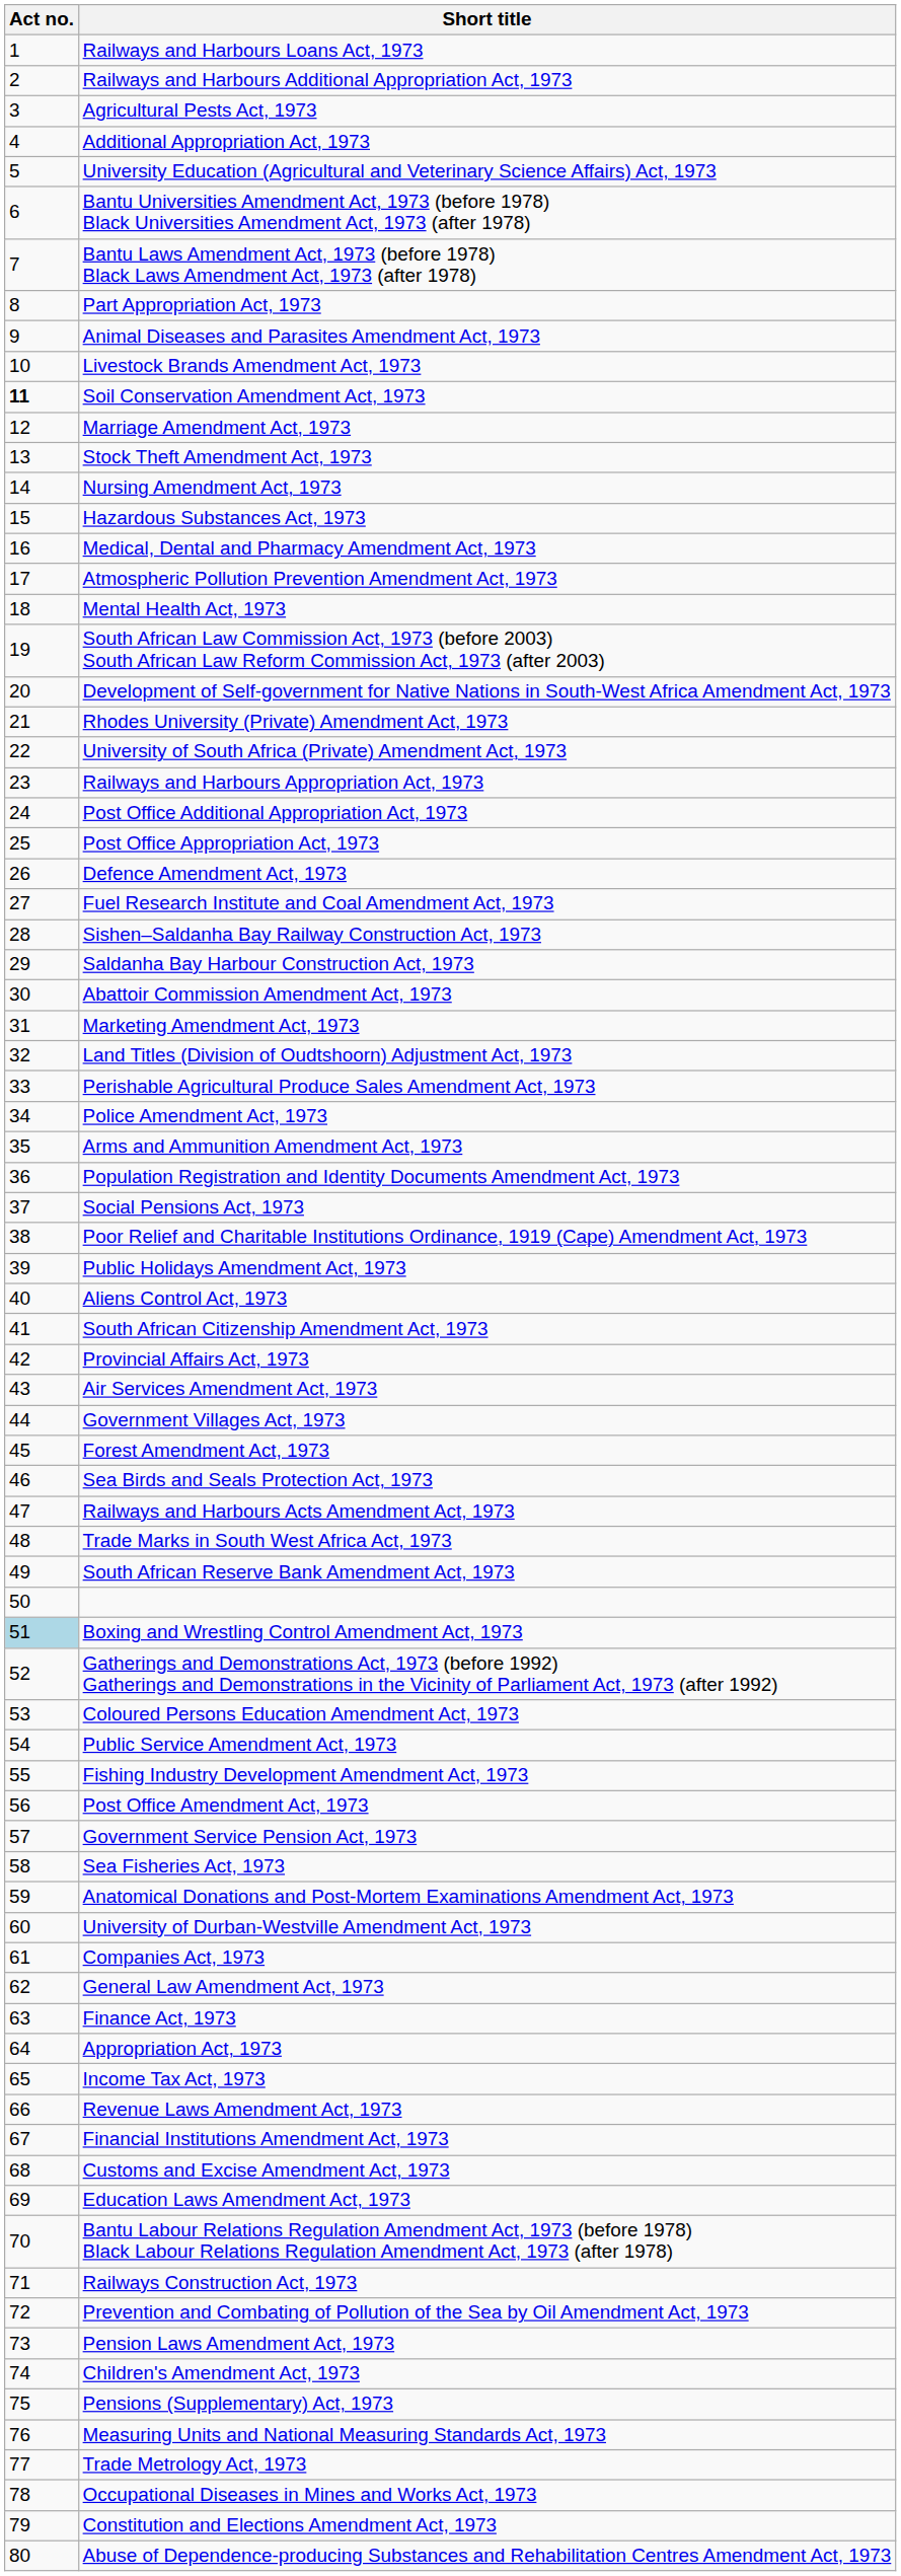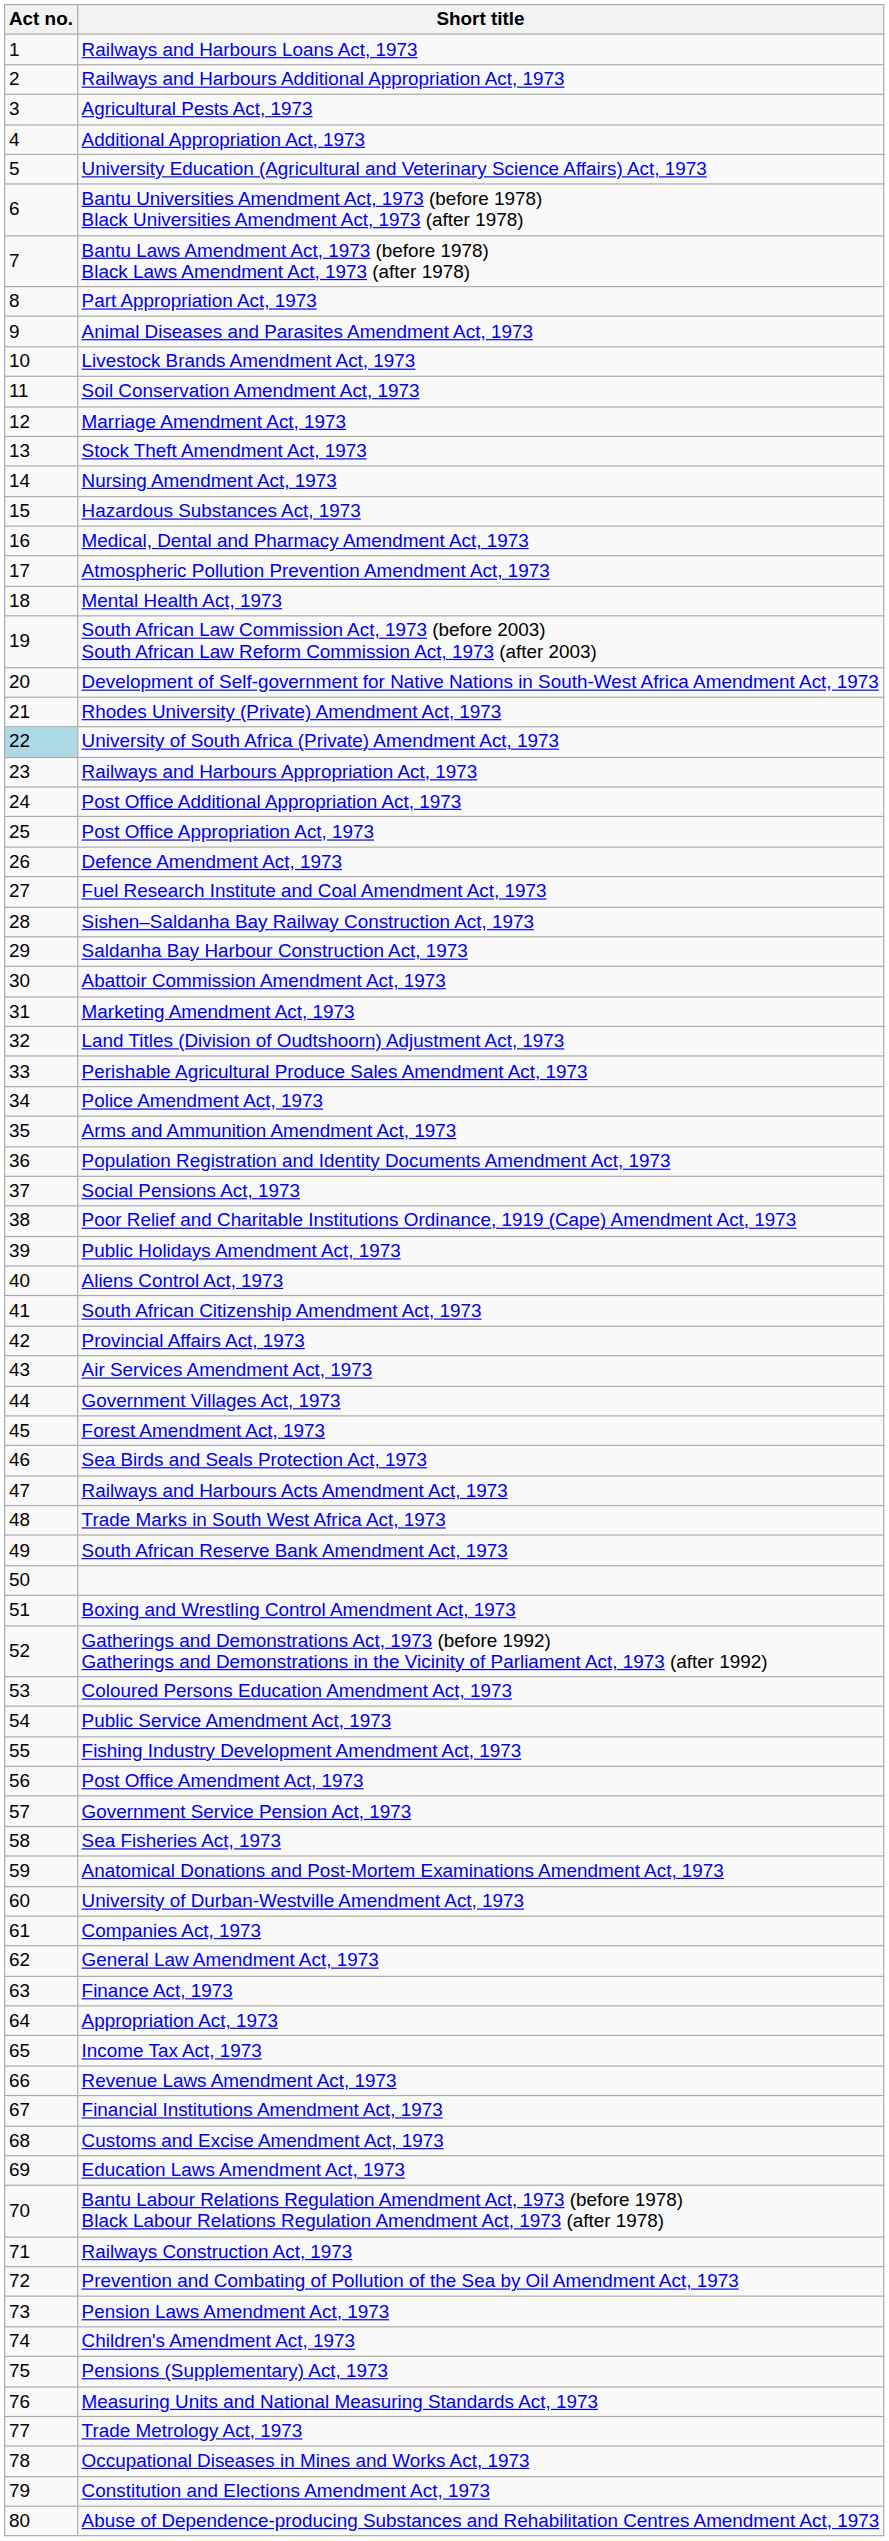 <table class="wikitable sortable">
 <tr>
 <th>Act no.</th>
 <th>Short title</th>
 </tr>
 <tr>
 <td>1</td>
 <td><a href='#'>Railways and Harbours Loans Act, 1973</a></td>
 </tr>
 <tr>
 <td>2</td>
 <td><a href='#'>Railways and Harbours Additional Appropriation Act, 1973</a></td>
 </tr>
 <tr>
 <td>3</td>
 <td><a href='#'>Agricultural Pests Act, 1973</a></td>
 </tr>
 <tr>
 <td>4</td>
 <td><a href='#'>Additional Appropriation Act, 1973</a></td>
 </tr>
 <tr>
 <td>5</td>
 <td><a href='#'>University Education (Agricultural and Veterinary Science Affairs) Act, 1973</a></td>
 </tr>
 <tr>
 <td>6</td>
 <td><a href='#'>Bantu Universities Amendment Act, 1973</a> (before 1978) <br><a href='#'>Black Universities Amendment Act, 1973</a> (after 1978)</td>
 </tr>
 <tr>
 <td>7</td>
 <td><a href='#'>Bantu Laws Amendment Act, 1973</a> (before 1978) <br><a href='#'>Black Laws Amendment Act, 1973</a> (after 1978)</td>
 </tr>
 <tr>
 <td>8</td>
 <td><a href='#'>Part Appropriation Act, 1973</a></td>
 </tr>
 <tr>
 <td>9</td>
 <td><a href='#'>Animal Diseases and Parasites Amendment Act, 1973</a></td>
 </tr>
 <tr>
 <td>10</td>
 <td><a href='#'>Livestock Brands Amendment Act, 1973</a></td>
 </tr>
 <tr>
-<td><strong>11</strong></td>
+<td>11</td>
 <td><a href='#'>Soil Conservation Amendment Act, 1973</a></td>
 </tr>
 <tr>
 <td>12</td>
 <td><a href='#'>Marriage Amendment Act, 1973</a></td>
 </tr>
 <tr>
 <td>13</td>
 <td><a href='#'>Stock Theft Amendment Act, 1973</a></td>
 </tr>
 <tr>
 <td>14</td>
 <td><a href='#'>Nursing Amendment Act, 1973</a></td>
 </tr>
 <tr>
 <td>15</td>
 <td><a href='#'>Hazardous Substances Act, 1973</a></td>
 </tr>
 <tr>
 <td>16</td>
 <td><a href='#'>Medical, Dental and Pharmacy Amendment Act, 1973</a></td>
 </tr>
 <tr>
 <td>17</td>
 <td><a href='#'>Atmospheric Pollution Prevention Amendment Act, 1973</a></td>
 </tr>
 <tr>
 <td>18</td>
 <td><a href='#'>Mental Health Act, 1973</a></td>
 </tr>
 <tr>
 <td>19</td>
 <td><a href='#'>South African Law Commission Act, 1973</a> (before 2003) <br><a href='#'>South African Law Reform Commission Act, 1973</a> (after 2003)</td>
 </tr>
 <tr>
 <td>20</td>
 <td><a href='#'>Development of Self-government for Native Nations in South-West Africa Amendment Act, 1973</a></td>
 </tr>
 <tr>
 <td>21</td>
 <td><a href='#'>Rhodes University (Private) Amendment Act, 1973</a></td>
 </tr>
 <tr>
-<td>22</td>
+<td style="background: lightblue;">22</td>
 <td><a href='#'>University of South Africa (Private) Amendment Act, 1973</a></td>
 </tr>
 <tr>
 <td>23</td>
 <td><a href='#'>Railways and Harbours Appropriation Act, 1973</a></td>
 </tr>
 <tr>
 <td>24</td>
 <td><a href='#'>Post Office Additional Appropriation Act, 1973</a></td>
 </tr>
 <tr>
 <td>25</td>
 <td><a href='#'>Post Office Appropriation Act, 1973</a></td>
 </tr>
 <tr>
 <td>26</td>
 <td><a href='#'>Defence Amendment Act, 1973</a></td>
 </tr>
 <tr>
 <td>27</td>
 <td><a href='#'>Fuel Research Institute and Coal Amendment Act, 1973</a></td>
 </tr>
 <tr>
 <td>28</td>
 <td><a href='#'>Sishen–Saldanha Bay Railway Construction Act, 1973</a></td>
 </tr>
 <tr>
 <td>29</td>
 <td><a href='#'>Saldanha Bay Harbour Construction Act, 1973</a></td>
 </tr>
 <tr>
 <td>30</td>
 <td><a href='#'>Abattoir Commission Amendment Act, 1973</a></td>
 </tr>
 <tr>
 <td>31</td>
 <td><a href='#'>Marketing Amendment Act, 1973</a></td>
 </tr>
 <tr>
 <td>32</td>
 <td><a href='#'>Land Titles (Division of Oudtshoorn) Adjustment Act, 1973</a></td>
 </tr>
 <tr>
 <td>33</td>
 <td><a href='#'>Perishable Agricultural Produce Sales Amendment Act, 1973</a></td>
 </tr>
 <tr>
 <td>34</td>
 <td><a href='#'>Police Amendment Act, 1973</a></td>
 </tr>
 <tr>
 <td>35</td>
 <td><a href='#'>Arms and Ammunition Amendment Act, 1973</a></td>
 </tr>
 <tr>
 <td>36</td>
 <td><a href='#'>Population Registration and Identity Documents Amendment Act, 1973</a></td>
 </tr>
 <tr>
 <td>37</td>
 <td><a href='#'>Social Pensions Act, 1973</a></td>
 </tr>
 <tr>
 <td>38</td>
 <td><a href='#'>Poor Relief and Charitable Institutions Ordinance, 1919 (Cape) Amendment Act, 1973</a></td>
 </tr>
 <tr>
 <td>39</td>
 <td><a href='#'>Public Holidays Amendment Act, 1973</a></td>
 </tr>
 <tr>
 <td>40</td>
 <td><a href='#'>Aliens Control Act, 1973</a></td>
 </tr>
 <tr>
 <td>41</td>
 <td><a href='#'>South African Citizenship Amendment Act, 1973</a></td>
 </tr>
 <tr>
 <td>42</td>
 <td><a href='#'>Provincial Affairs Act, 1973</a></td>
 </tr>
 <tr>
 <td>43</td>
 <td><a href='#'>Air Services Amendment Act, 1973</a></td>
 </tr>
 <tr>
 <td>44</td>
 <td><a href='#'>Government Villages Act, 1973</a></td>
 </tr>
 <tr>
 <td>45</td>
 <td><a href='#'>Forest Amendment Act, 1973</a></td>
 </tr>
 <tr>
 <td>46</td>
 <td><a href='#'>Sea Birds and Seals Protection Act, 1973</a></td>
 </tr>
 <tr>
 <td>47</td>
 <td><a href='#'>Railways and Harbours Acts Amendment Act, 1973</a></td>
 </tr>
 <tr>
 <td>48</td>
 <td><a href='#'>Trade Marks in South West Africa Act, 1973</a></td>
 </tr>
 <tr>
 <td>49</td>
 <td><a href='#'>South African Reserve Bank Amendment Act, 1973</a></td>
 </tr>
 <tr>
 <td>50</td>
 <td></td>
 </tr>
 <tr>
-<td style="background: lightblue;">51</td>
+<td>51</td>
 <td><a href='#'>Boxing and Wrestling Control Amendment Act, 1973</a></td>
 </tr>
 <tr>
 <td>52</td>
 <td><a href='#'>Gatherings and Demonstrations Act, 1973</a> (before 1992) <br><a href='#'>Gatherings and Demonstrations in the Vicinity of Parliament Act, 1973</a> (after 1992)</td>
 </tr>
 <tr>
 <td>53</td>
 <td><a href='#'>Coloured Persons Education Amendment Act, 1973</a></td>
 </tr>
 <tr>
 <td>54</td>
 <td><a href='#'>Public Service Amendment Act, 1973</a></td>
 </tr>
 <tr>
 <td>55</td>
 <td><a href='#'>Fishing Industry Development Amendment Act, 1973</a></td>
 </tr>
 <tr>
 <td>56</td>
 <td><a href='#'>Post Office Amendment Act, 1973</a></td>
 </tr>
 <tr>
 <td>57</td>
 <td><a href='#'>Government Service Pension Act, 1973</a></td>
 </tr>
 <tr>
 <td>58</td>
 <td><a href='#'>Sea Fisheries Act, 1973</a></td>
 </tr>
 <tr>
 <td>59</td>
 <td><a href='#'>Anatomical Donations and Post-Mortem Examinations Amendment Act, 1973</a></td>
 </tr>
 <tr>
 <td>60</td>
 <td><a href='#'>University of Durban-Westville Amendment Act, 1973</a></td>
 </tr>
 <tr>
 <td>61</td>
 <td><a href='#'>Companies Act, 1973</a></td>
 </tr>
 <tr>
 <td>62</td>
 <td><a href='#'>General Law Amendment Act, 1973</a></td>
 </tr>
 <tr>
 <td>63</td>
 <td><a href='#'>Finance Act, 1973</a></td>
 </tr>
 <tr>
 <td>64</td>
 <td><a href='#'>Appropriation Act, 1973</a></td>
 </tr>
 <tr>
 <td>65</td>
 <td><a href='#'>Income Tax Act, 1973</a></td>
 </tr>
 <tr>
 <td>66</td>
 <td><a href='#'>Revenue Laws Amendment Act, 1973</a></td>
 </tr>
 <tr>
 <td>67</td>
 <td><a href='#'>Financial Institutions Amendment Act, 1973</a></td>
 </tr>
 <tr>
 <td>68</td>
 <td><a href='#'>Customs and Excise Amendment Act, 1973</a></td>
 </tr>
 <tr>
 <td>69</td>
 <td><a href='#'>Education Laws Amendment Act, 1973</a></td>
 </tr>
 <tr>
 <td>70</td>
 <td><a href='#'>Bantu Labour Relations Regulation Amendment Act, 1973</a> (before 1978) <br><a href='#'>Black Labour Relations Regulation Amendment Act, 1973</a> (after 1978)</td>
 </tr>
 <tr>
 <td>71</td>
 <td><a href='#'>Railways Construction Act, 1973</a></td>
 </tr>
 <tr>
 <td>72</td>
 <td><a href='#'>Prevention and Combating of Pollution of the Sea by Oil Amendment Act, 1973</a></td>
 </tr>
 <tr>
 <td>73</td>
 <td><a href='#'>Pension Laws Amendment Act, 1973</a></td>
 </tr>
 <tr>
 <td>74</td>
 <td><a href='#'>Children's Amendment Act, 1973</a></td>
 </tr>
 <tr>
 <td>75</td>
 <td><a href='#'>Pensions (Supplementary) Act, 1973</a></td>
 </tr>
 <tr>
 <td>76</td>
 <td><a href='#'>Measuring Units and National Measuring Standards Act, 1973</a></td>
 </tr>
 <tr>
 <td>77</td>
 <td><a href='#'>Trade Metrology Act, 1973</a></td>
 </tr>
 <tr>
 <td>78</td>
 <td><a href='#'>Occupational Diseases in Mines and Works Act, 1973</a></td>
 </tr>
 <tr>
 <td>79</td>
 <td><a href='#'>Constitution and Elections Amendment Act, 1973</a></td>
 </tr>
 <tr>
 <td>80</td>
 <td><a href='#'>Abuse of Dependence-producing Substances and Rehabilitation Centres Amendment Act, 1973</a></td>
 </tr>
 </table>
